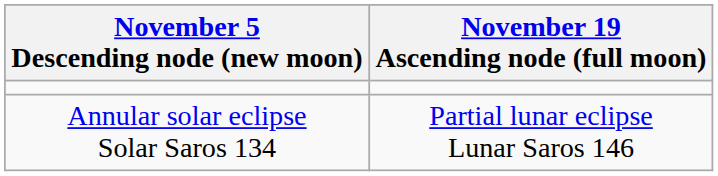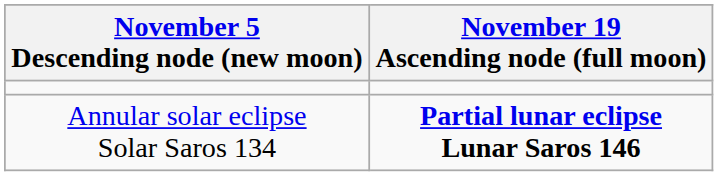 <table class="wikitable">
 <tr>
 <th><a href='#'>November 5</a><br>Descending node (new moon)<br></th>
 <th><a href='#'>November 19</a><br>Ascending node (full moon)<br></th>
 </tr>
 <tr>
 <td></td>
 <td></td>
 </tr>
 <tr align=center>
 <td><a href='#'>Annular solar eclipse</a><br>Solar Saros 134</td>
-<td><a href='#'>Partial lunar eclipse</a><br>Lunar Saros 146</td>
+<td><strong><a href='#'>Partial lunar eclipse</a><br>Lunar Saros 146</strong></td>
 </tr>
 </table>
